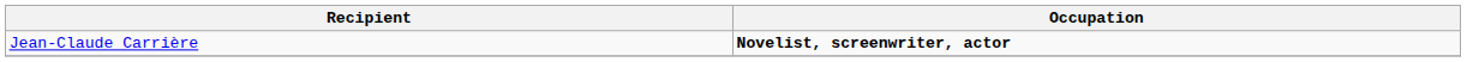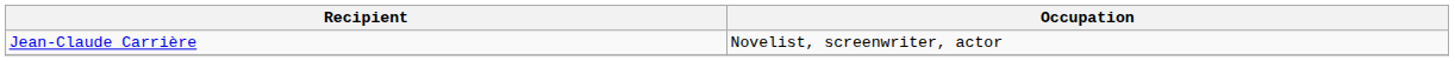 <table class="wikitable" width="95%" cellpadding="5">
 <tr>
 <th width="25%">Recipient</th>
 <th width="25%">Occupation</th>
 </tr>
 <tr>
 <td> <a href='#'>Jean-Claude Carrière</a></td>
-<td><strong>Novelist, screenwriter, actor</strong></td>
+<td>Novelist, screenwriter, actor</td>
 </tr>
 <tr>
 </tr>
 </table>
